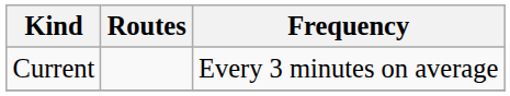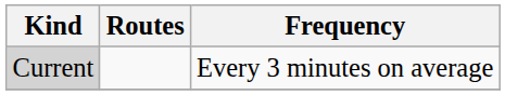 <table class="wikitable" style="margin: 1em auto;">
 <tr>
 <th>Kind</th>
 <th>Routes</th>
 <th>Frequency</th>
 </tr>
 <tr>
-<td>Current</td>
+<td style="background: lightgrey;">Current</td>
 <td></td>
 <td>Every 3 minutes on average</td>
 </tr>
 <tr>
 </tr>
 </table>
